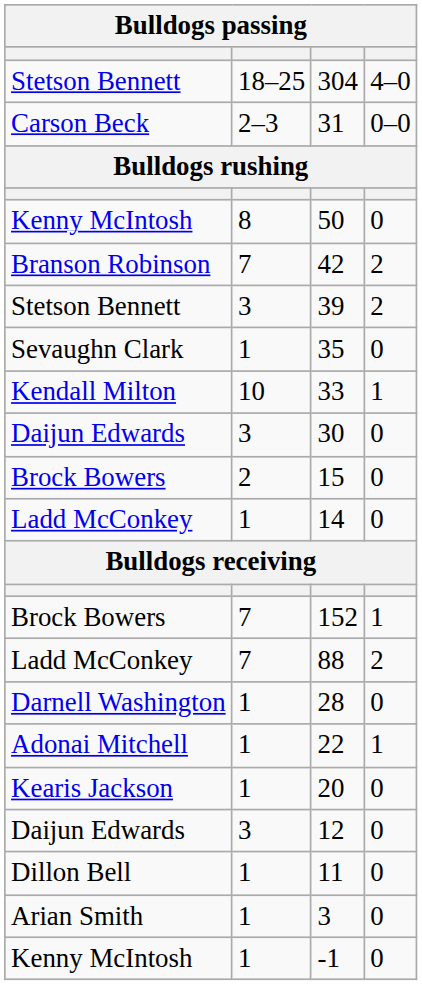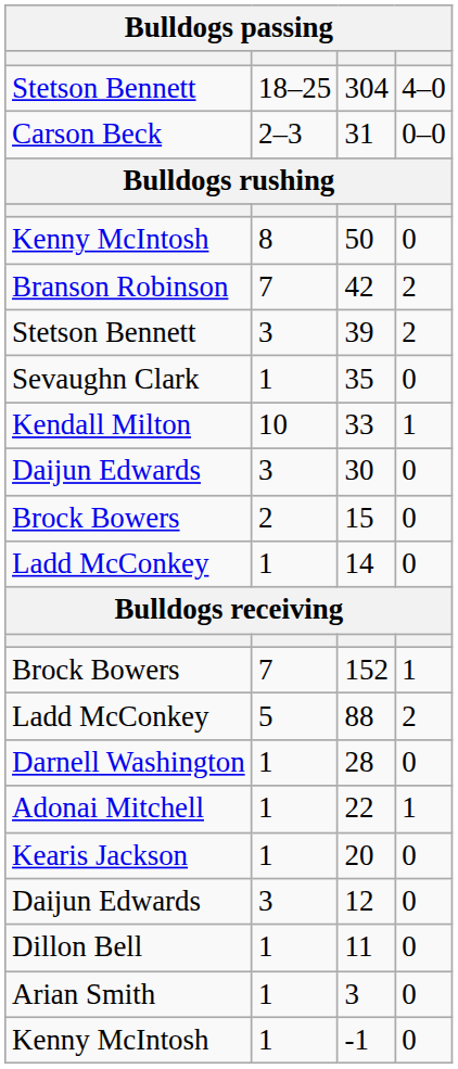 <table class="wikitable plainrowheaders">
 <tr>
 <th colspan="6">Bulldogs passing</th>
 </tr>
 <tr>
 <th scope="col"></th>
 <th scope="col"></th>
 <th scope="col"></th>
 <th scope="col"></th>
 </tr>
 <tr>
 <td><a href='#'>Stetson Bennett</a></td>
 <td>18–25</td>
 <td>304</td>
 <td>4–0</td>
 </tr>
 <tr>
 <td><a href='#'>Carson Beck</a></td>
 <td>2–3</td>
 <td>31</td>
 <td>0–0</td>
 </tr>
 <tr>
 <th colspan="6">Bulldogs rushing</th>
 </tr>
 <tr>
 <th scope="col"></th>
 <th scope="col"></th>
 <th scope="col"></th>
 <th scope="col"></th>
 </tr>
 <tr>
 <td><a href='#'>Kenny McIntosh</a></td>
 <td>8</td>
 <td>50</td>
 <td>0</td>
 </tr>
 <tr>
 <td><a href='#'>Branson Robinson</a></td>
 <td>7</td>
 <td>42</td>
 <td>2</td>
 </tr>
 <tr>
 <td>Stetson Bennett</td>
 <td>3</td>
 <td>39</td>
 <td>2</td>
 </tr>
 <tr>
 <td>Sevaughn Clark</td>
 <td>1</td>
 <td>35</td>
 <td>0</td>
 </tr>
 <tr>
 <td><a href='#'>Kendall Milton</a></td>
 <td>10</td>
 <td>33</td>
 <td>1</td>
 </tr>
 <tr>
 <td><a href='#'>Daijun Edwards</a></td>
 <td>3</td>
 <td>30</td>
 <td>0</td>
 </tr>
 <tr>
 <td><a href='#'>Brock Bowers</a></td>
 <td>2</td>
 <td>15</td>
 <td>0</td>
 </tr>
 <tr>
 <td><a href='#'>Ladd McConkey</a></td>
 <td>1</td>
 <td>14</td>
 <td>0</td>
 </tr>
 <tr>
 <th colspan="6">Bulldogs receiving</th>
 </tr>
 <tr>
 <th scope="col"></th>
 <th scope="col"></th>
 <th scope="col"></th>
 <th scope="col"></th>
 </tr>
 <tr>
 <td>Brock Bowers</td>
 <td>7</td>
 <td>152</td>
 <td>1</td>
 </tr>
 <tr>
 <td>Ladd McConkey</td>
-<td>7</td>
+<td>5</td>
 <td>88</td>
 <td>2</td>
 </tr>
 <tr>
 <td><a href='#'>Darnell Washington</a></td>
 <td>1</td>
 <td>28</td>
 <td>0</td>
 </tr>
 <tr>
 <td><a href='#'>Adonai Mitchell</a></td>
 <td>1</td>
 <td>22</td>
 <td>1</td>
 </tr>
 <tr>
 <td><a href='#'>Kearis Jackson</a></td>
 <td>1</td>
 <td>20</td>
 <td>0</td>
 </tr>
 <tr>
 <td>Daijun Edwards</td>
 <td>3</td>
 <td>12</td>
 <td>0</td>
 </tr>
 <tr>
 <td>Dillon Bell</td>
 <td>1</td>
 <td>11</td>
 <td>0</td>
 </tr>
 <tr>
 <td>Arian Smith</td>
 <td>1</td>
 <td>3</td>
 <td>0</td>
 </tr>
 <tr>
 <td>Kenny McIntosh</td>
 <td>1</td>
 <td>-1</td>
 <td>0</td>
 </tr>
 </table>
